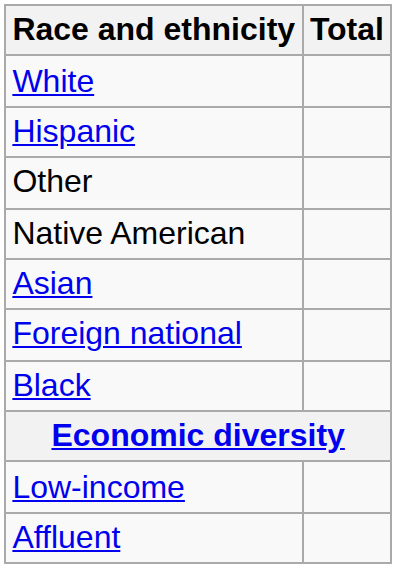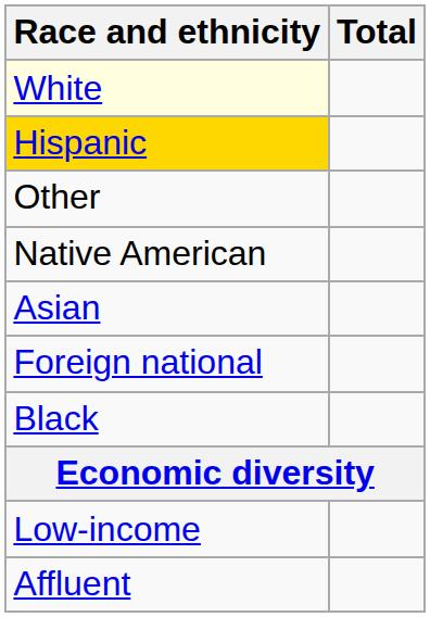 <table class="wikitable floatright sortable collapsible"; text-align:right; font-size:80%;">
 <tr>
 <th>Race and ethnicity</th>
 <th colspan="2" data-sort-type=number>Total</th>
 </tr>
 <tr>
-<td><a href='#'>White</a></td>
+<td style="background: lightyellow;"><a href='#'>White</a></td>
 <td align=right></td>
 </tr>
 <tr>
-<td><a href='#'>Hispanic</a></td>
+<td style="background: gold;"><a href='#'>Hispanic</a></td>
 <td align=right></td>
 </tr>
 <tr>
 <td>Other</td>
 <td align=right></td>
 </tr>
 <tr>
 <td>Native American</td>
 <td align=right></td>
 </tr>
 <tr>
 <td><a href='#'>Asian</a></td>
 <td align=right></td>
 </tr>
 <tr>
 <td><a href='#'>Foreign national</a></td>
 <td align=right></td>
 </tr>
 <tr>
 <td><a href='#'>Black</a></td>
 <td align=right></td>
 </tr>
 <tr>
 <th colspan="4" data-sort-type=number><a href='#'>Economic diversity</a></th>
 </tr>
 <tr>
 <td><a href='#'>Low-income</a></td>
 <td align=right></td>
 </tr>
 <tr>
 <td><a href='#'>Affluent</a></td>
 <td align=right></td>
 </tr>
 </table>
